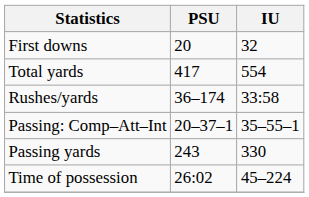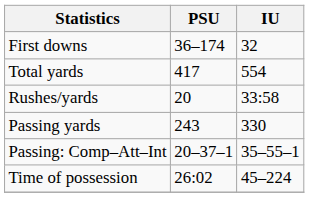 <table class="wikitable" style="float: left;">
 <tr>
 <th>Statistics</th>
 <th>PSU</th>
 <th>IU</th>
 </tr>
 <tr>
 <td>First downs</td>
-<td>20</td>
+<td>36–174</td>
 <td>32</td>
 </tr>
 <tr>
 <td>Total yards</td>
 <td>417</td>
 <td>554</td>
 </tr>
 <tr>
 <td>Rushes/yards</td>
-<td>36–174</td>
+<td>20</td>
 <td>33:58</td>
+</tr>
+<tr>
+<td>Passing yards</td>
+<td>243</td>
+<td>330</td>
 </tr>
 <tr>
 <td>Passing: Comp–Att–Int</td>
 <td>20–37–1</td>
 <td>35–55–1</td>
-</tr>
-<tr>
-<td>Passing yards</td>
-<td>243</td>
-<td>330</td>
 </tr>
 <tr>
 <td>Time of possession</td>
 <td>26:02</td>
 <td>45–224</td>
 </tr>
 <tr>
 </tr>
 </table>
